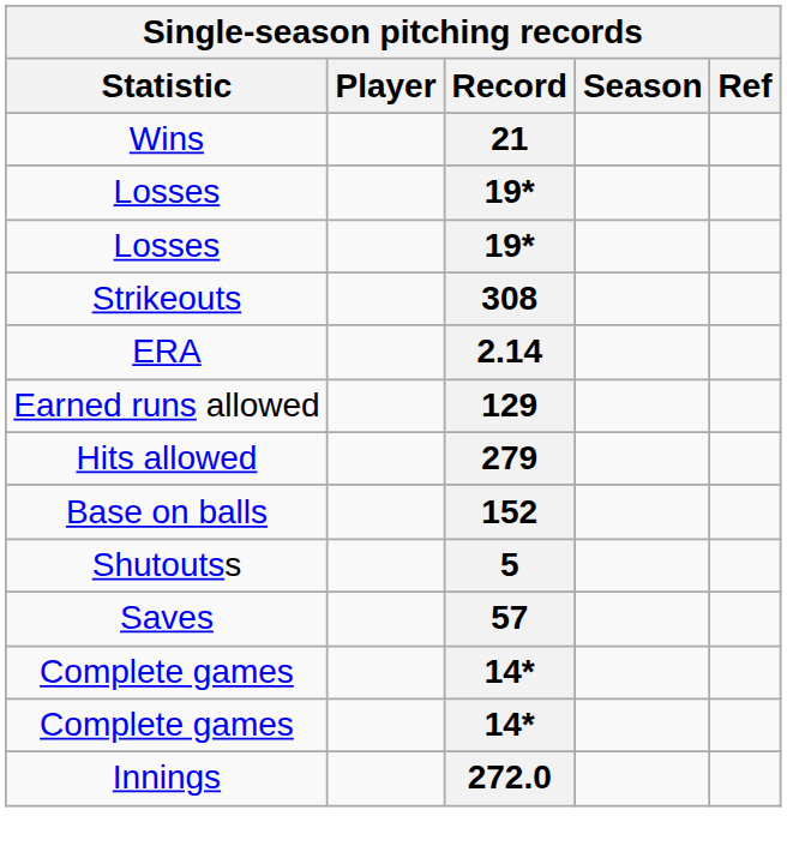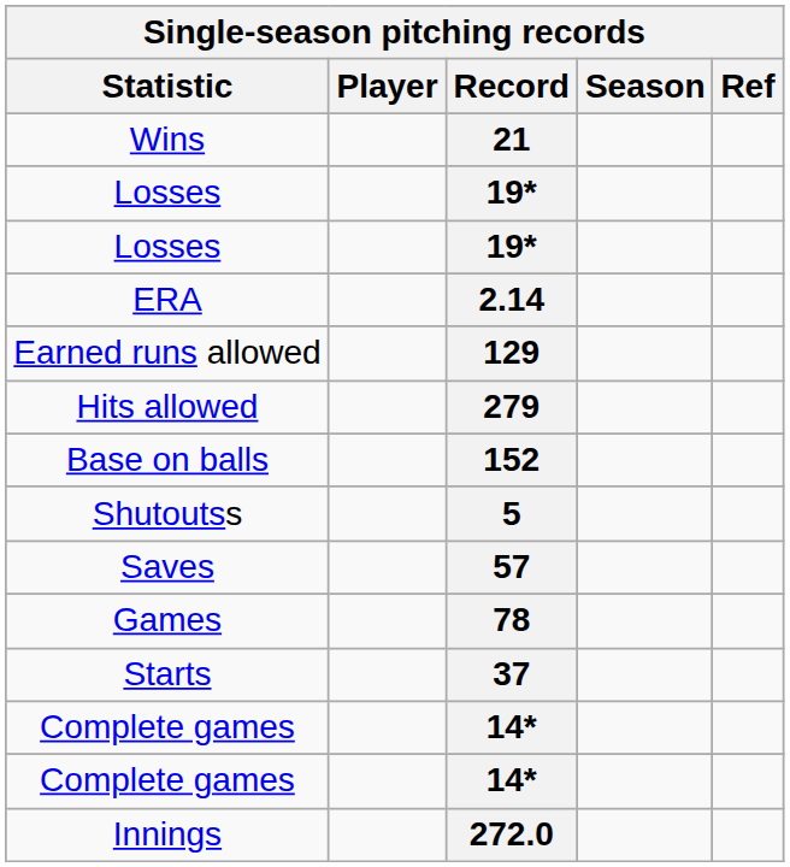 <table class="wikitable sortable" style="text-align:center">
 <tr>
 <th colspan=5>Single-season pitching records</th>
 </tr>
 <tr>
 <th scope="col">Statistic</th>
 <th scope="col">Player</th>
 <th scope="col" class="unsortable">Record</th>
 <th scope="col">Season</th>
 <th scope="col" class="unsortable">Ref</th>
 </tr>
 <tr>
 <td><a href='#'>Wins</a></td>
 <td></td>
 <th scope="row">21</th>
 <td></td>
 <td></td>
 </tr>
 <tr>
 <td><a href='#'>Losses</a></td>
 <td></td>
 <th scope="row">19*</th>
 <td></td>
 <td></td>
 </tr>
 <tr>
 <td><a href='#'>Losses</a></td>
 <td></td>
 <th scope="row">19*</th>
-<td></td>
-<td></td>
-</tr>
-<tr>
-<td><a href='#'>Strikeouts</a></td>
-<td></td>
-<th scope="row">308</th>
 <td></td>
 <td></td>
 </tr>
 <tr>
 <td><a href='#'>ERA</a></td>
 <td></td>
 <th scope="row">2.14</th>
 <td></td>
 <td></td>
 </tr>
 <tr>
 <td><a href='#'>Earned runs</a> allowed</td>
 <td></td>
 <th scope="row">129</th>
 <td></td>
 <td></td>
 </tr>
 <tr>
 <td><a href='#'>Hits allowed</a></td>
 <td></td>
 <th scope="row">279</th>
 <td></td>
 <td></td>
 </tr>
 <tr>
 <td><a href='#'>Base on balls</a></td>
 <td></td>
 <th scope="row">152</th>
 <td></td>
 <td></td>
 </tr>
 <tr>
 <td><a href='#'>Shutouts</a>s</td>
 <td></td>
 <th scope="row">5</th>
 <td></td>
 <td></td>
 </tr>
 <tr>
 <td><a href='#'>Saves</a></td>
 <td></td>
 <th scope="row">57</th>
 <td></td>
 <td></td>
 </tr>
 <tr>
+<td><a href='#'>Games</a></td>
+<td></td>
+<th scope="row">78</th>
+<td></td>
+<td></td>
+</tr>
+<tr>
+<td><a href='#'>Starts</a></td>
+<td></td>
+<th scope="row">37</th>
+<td></td>
+<td></td>
+</tr>
+<tr>
 <td><a href='#'>Complete games</a></td>
 <td></td>
 <th scope="row">14*</th>
 <td></td>
 <td></td>
 </tr>
 <tr>
 <td><a href='#'>Complete games</a></td>
 <td></td>
 <th scope="row">14*</th>
 <td></td>
 <td></td>
 </tr>
 <tr>
 <td><a href='#'>Innings</a></td>
 <td></td>
 <th scope="row">272.0</th>
 <td></td>
 <td></td>
 </tr>
 </table>
